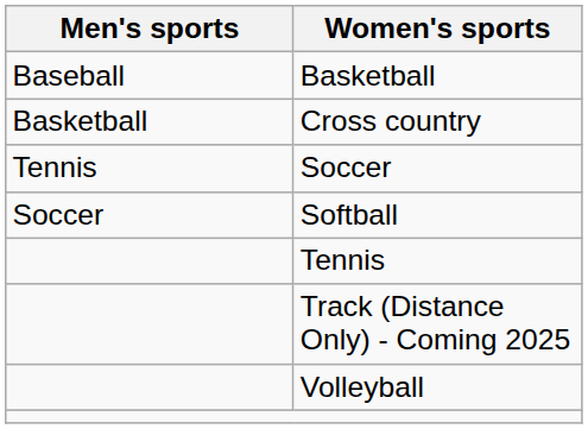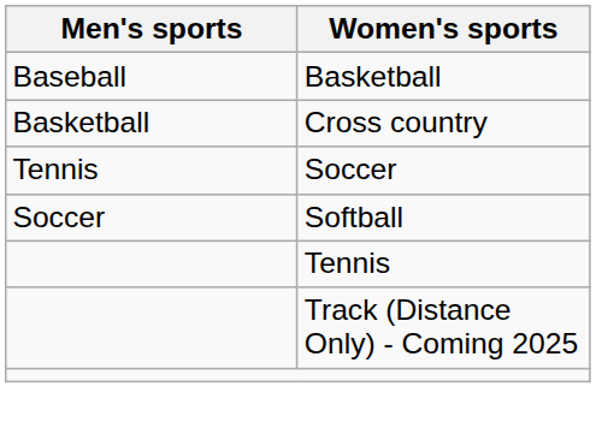 <table class="wikitable"; style= "text-align: ">
 <tr>
 <th width=150px>Men's sports</th>
 <th width=150px>Women's sports</th>
 </tr>
 <tr>
 <td>Baseball</td>
 <td>Basketball</td>
 </tr>
 <tr>
 <td>Basketball</td>
 <td>Cross country</td>
 </tr>
 <tr>
 <td>Tennis</td>
 <td>Soccer</td>
 </tr>
 <tr>
 <td>Soccer</td>
 <td>Softball</td>
 </tr>
 <tr>
 <td></td>
 <td>Tennis</td>
 </tr>
 <tr>
 <td></td>
 <td>Track (Distance Only) - Coming 2025</td>
 </tr>
 <tr>
-<td></td>
-<td>Volleyball</td>
-</tr>
-<tr>
 <td colspan="2"></td>
 </tr>
 </table>
